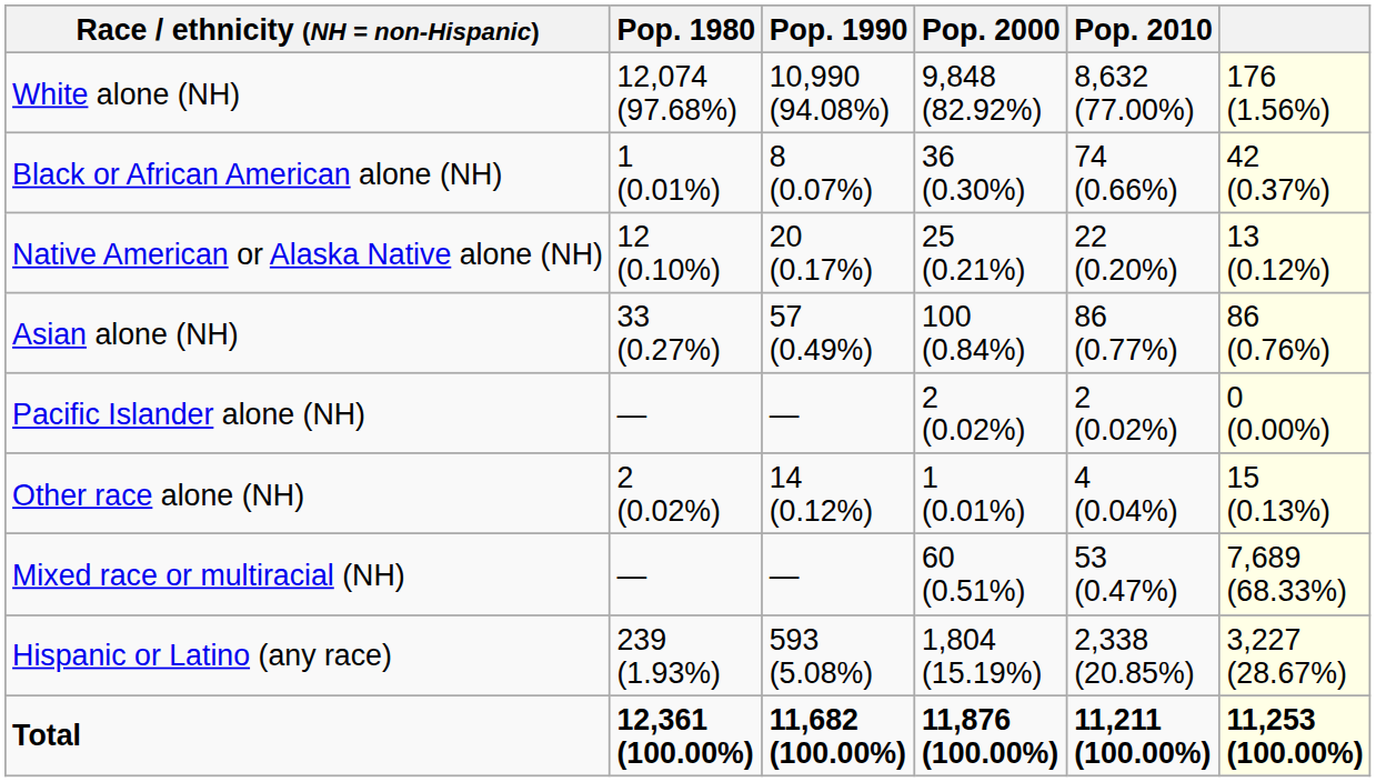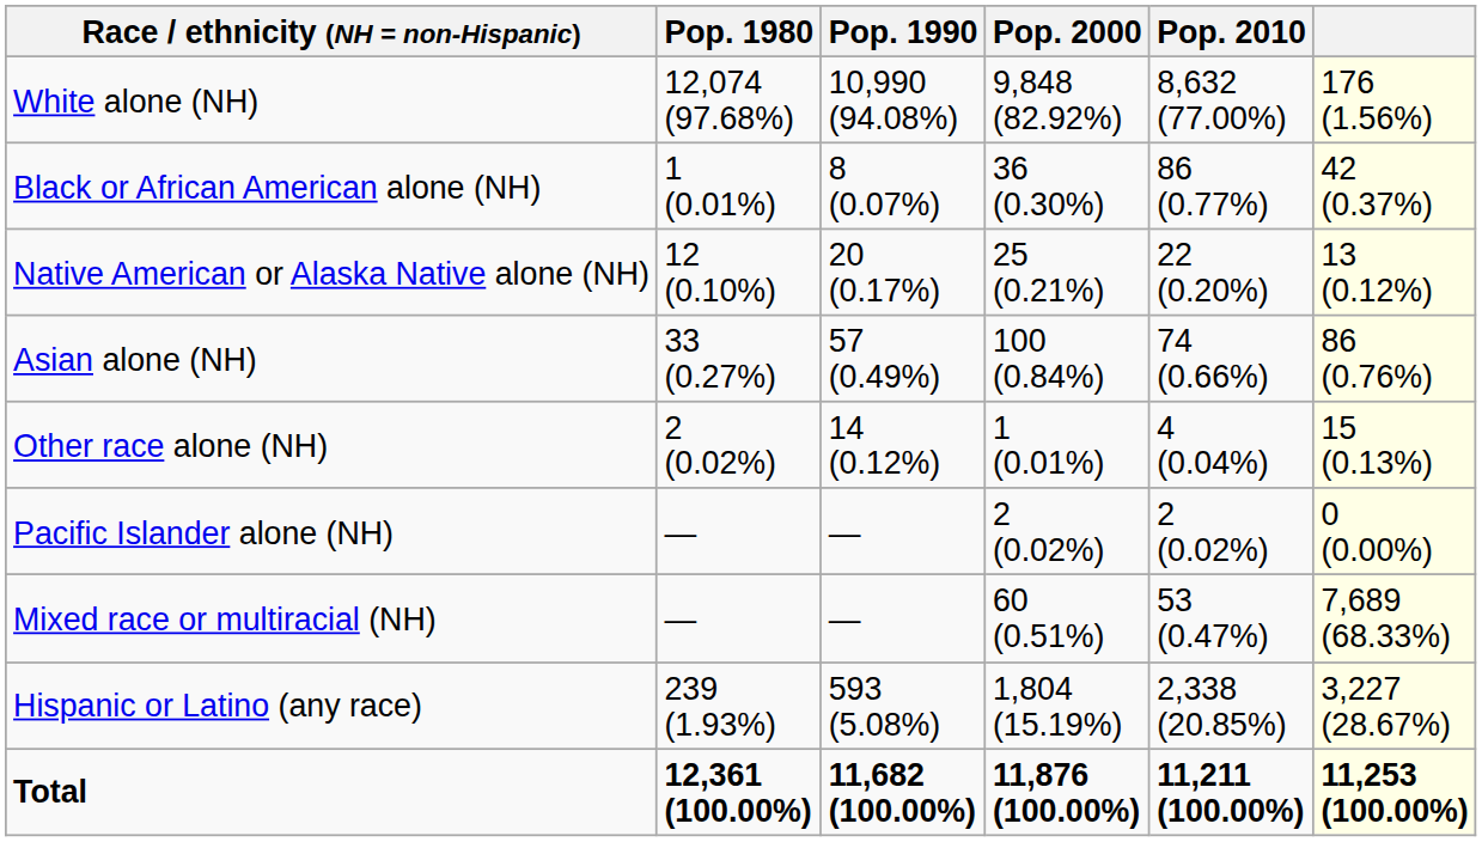 <table class="wikitable sortable collapsible" style="font-size: 95%;">
 <tr>
 <th>Race / ethnicity <small>(<em>NH = non-Hispanic</em>)</small></th>
 <th>Pop. 1980</th>
 <th>Pop. 1990</th>
 <th>Pop. 2000</th>
 <th>Pop. 2010</th>
 <th></th>
 </tr>
 <tr>
 <td><a href='#'>White</a> alone (NH)</td>
 <td>12,074<br>(97.68%)</td>
 <td>10,990<br>(94.08%)</td>
 <td>9,848<br>(82.92%)</td>
 <td>8,632<br>(77.00%)</td>
 <td style='background: #ffffe6;'>176<br>(1.56%)</td>
 </tr>
 <tr>
 <td><a href='#'>Black or African American</a> alone (NH)</td>
 <td>1<br>(0.01%)</td>
 <td>8<br>(0.07%)</td>
 <td>36<br>(0.30%)</td>
-<td>74<br>(0.66%)</td>
+<td>86<br>(0.77%)</td>
 <td style='background: #ffffe6;'>42<br>(0.37%)</td>
 </tr>
 <tr>
 <td><a href='#'>Native American</a> or <a href='#'>Alaska Native</a> alone (NH)</td>
 <td>12<br>(0.10%)</td>
 <td>20<br>(0.17%)</td>
 <td>25<br>(0.21%)</td>
 <td>22<br>(0.20%)</td>
 <td style='background: #ffffe6;'>13<br>(0.12%)</td>
 </tr>
 <tr>
 <td><a href='#'>Asian</a> alone (NH)</td>
 <td>33<br>(0.27%)</td>
 <td>57<br>(0.49%)</td>
 <td>100<br>(0.84%)</td>
-<td>86<br>(0.77%)</td>
+<td>74<br>(0.66%)</td>
 <td style='background: #ffffe6;'>86<br>(0.76%)</td>
+</tr>
+<tr>
+<td><a href='#'>Other race</a> alone (NH)</td>
+<td>2<br>(0.02%)</td>
+<td>14<br>(0.12%)</td>
+<td>1<br>(0.01%)</td>
+<td>4<br>(0.04%)</td>
+<td style='background: #ffffe6;'>15<br>(0.13%)</td>
 </tr>
 <tr>
 <td><a href='#'>Pacific Islander</a> alone (NH)</td>
 <td>—</td>
 <td>—</td>
 <td>2<br>(0.02%)</td>
 <td>2<br>(0.02%)</td>
 <td style='background: #ffffe6;'>0<br>(0.00%)</td>
-</tr>
-<tr>
-<td><a href='#'>Other race</a> alone (NH)</td>
-<td>2<br>(0.02%)</td>
-<td>14<br>(0.12%)</td>
-<td>1<br>(0.01%)</td>
-<td>4<br>(0.04%)</td>
-<td style='background: #ffffe6;'>15<br>(0.13%)</td>
 </tr>
 <tr>
 <td><a href='#'>Mixed race or multiracial</a> (NH)</td>
 <td>—</td>
 <td>—</td>
 <td>60<br>(0.51%)</td>
 <td>53<br>(0.47%)</td>
 <td style='background: #ffffe6;'>7,689<br>(68.33%)</td>
 </tr>
 <tr>
 <td><a href='#'>Hispanic or Latino</a> (any race)</td>
 <td>239<br>(1.93%)</td>
 <td>593<br>(5.08%)</td>
 <td>1,804<br>(15.19%)</td>
 <td>2,338<br>(20.85%)</td>
 <td style='background: #ffffe6;'>3,227<br>(28.67%)</td>
 </tr>
 <tr>
 <td><strong>Total</strong></td>
 <td><strong>12,361<br>(100.00%)</strong></td>
 <td><strong>11,682<br>(100.00%)</strong></td>
 <td><strong>11,876<br>(100.00%)</strong></td>
 <td><strong>11,211<br>(100.00%)</strong></td>
 <td style='background: #ffffe6;'><strong>11,253<br>(100.00%)</strong></td>
 </tr>
 </table>
